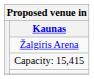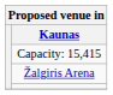 <table class="wikitable" style="text-align:center">
 <tr>
 <th colspan="3">Proposed venue in </th>
 </tr>
 <tr>
 <th rowspan="4" colspan="2"></th>
 <th><a href='#'>Kaunas</a></th>
 </tr>
 <tr>
-<td><a href='#'>Žalgiris Arena</a></td>
+<td>Capacity: 15,415</td>
 </tr>
 <tr>
-<td>Capacity: 15,415</td>
+<td><a href='#'>Žalgiris Arena</a></td>
 </tr>
 <tr>
 <td></td>
 </tr>
 <tr>
 </tr>
 </table>
